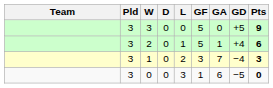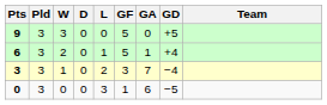 <table class="wikitable" style="text-align:center;">
 <tr>
-<th width=180>Team</th>
+<th width=20>Pts</th>
 <th width=20>Pld</th>
 <th width=20>W</th>
 <th width=20>D</th>
 <th width=20>L</th>
 <th width=20>GF</th>
 <th width=20>GA</th>
 <th width=20>GD</th>
-<th width=20>Pts</th>
+<th width=180>Team</th>
 </tr>
 <tr align=center style="background:#ccffcc;">
-<td style="text-align:left;"></td>
+<td><strong>9</strong></td>
 <td>3</td>
 <td>3</td>
 <td>0</td>
 <td>0</td>
 <td>5</td>
 <td>0</td>
 <td>+5</td>
-<td><strong>9</strong></td>
+<td style="text-align:left;"></td>
 </tr>
 <tr align=center style="background:#ccffcc;">
-<td style="text-align:left;"></td>
+<td><strong>6</strong></td>
 <td>3</td>
 <td>2</td>
 <td>0</td>
 <td>1</td>
 <td>5</td>
 <td>1</td>
 <td>+4</td>
-<td><strong>6</strong></td>
+<td style="text-align:left;"></td>
 </tr>
 <tr align=center style="background:#ffffcc;">
-<td style="text-align:left;"></td>
+<td><strong>3</strong></td>
 <td>3</td>
 <td>1</td>
 <td>0</td>
 <td>2</td>
 <td>3</td>
 <td>7</td>
 <td>−4</td>
-<td><strong>3</strong></td>
+<td style="text-align:left;"></td>
 </tr>
 <tr align=center>
-<td style="text-align:left;"></td>
+<td><strong>0</strong></td>
 <td>3</td>
 <td>0</td>
 <td>0</td>
 <td>3</td>
 <td>1</td>
 <td>6</td>
 <td>−5</td>
-<td><strong>0</strong></td>
+<td style="text-align:left;"></td>
 </tr>
 </table>
